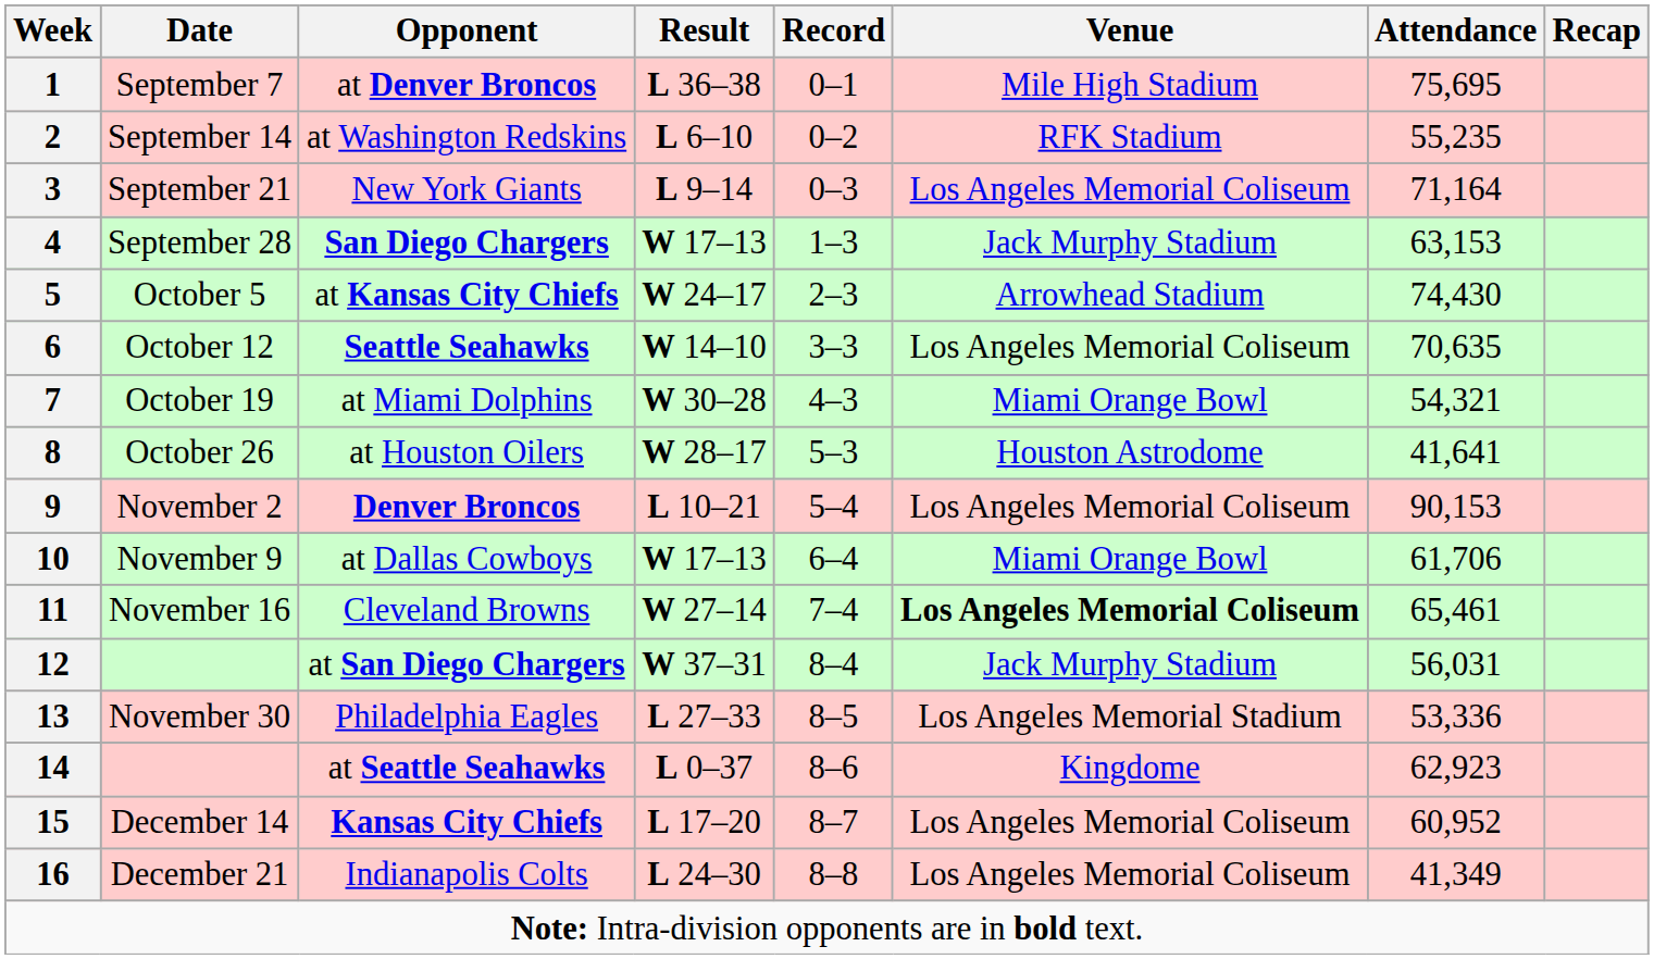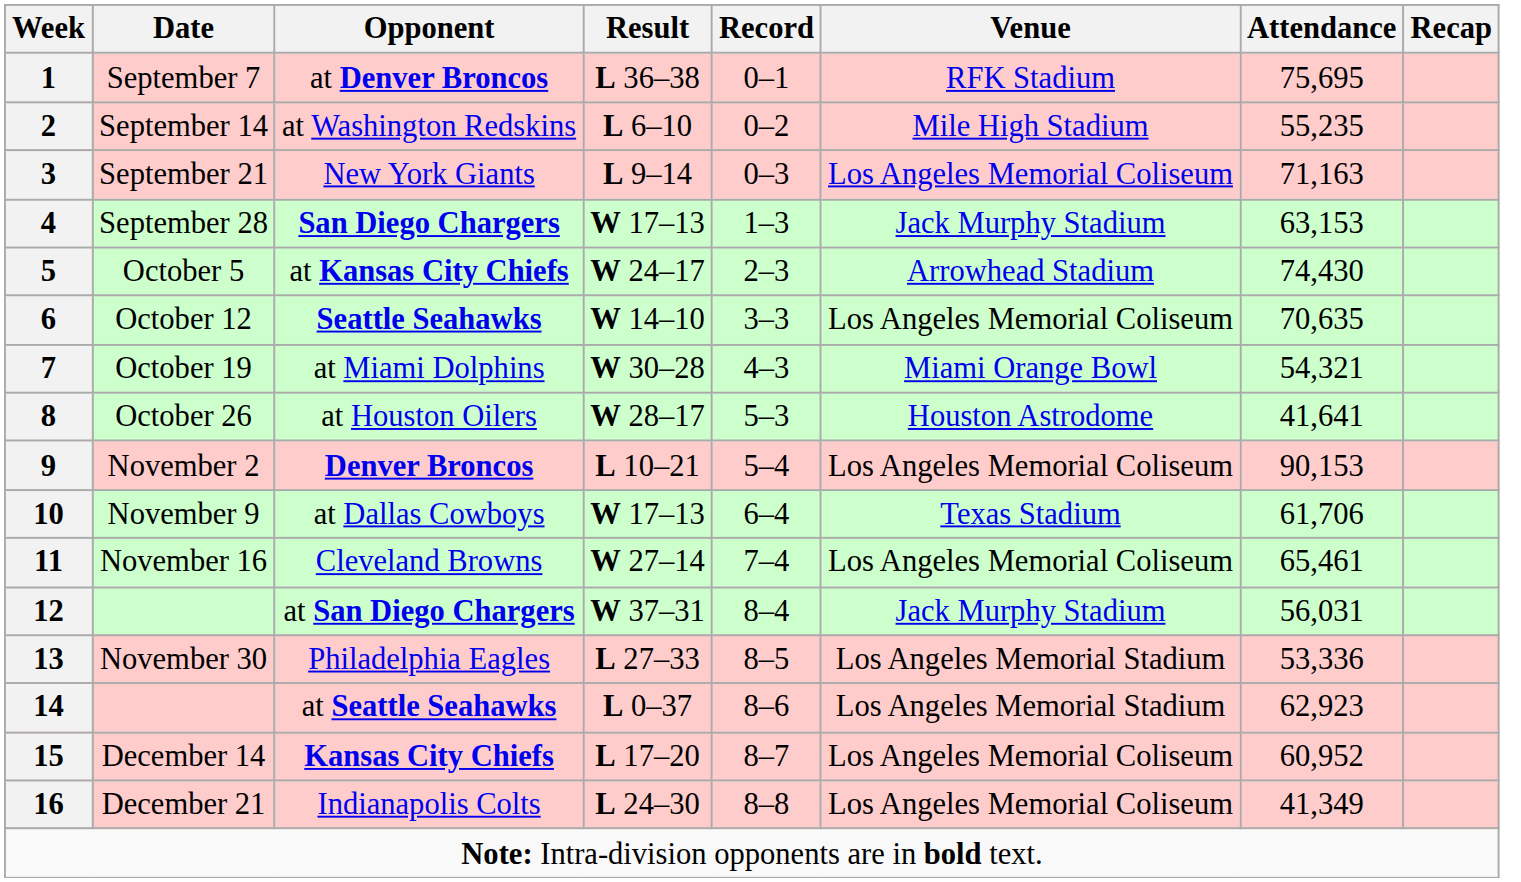 <table class="wikitable" style="text-align:center">
 <tr>
 <th>Week</th>
 <th>Date</th>
 <th>Opponent</th>
 <th>Result</th>
 <th>Record</th>
 <th>Venue</th>
 <th>Attendance</th>
 <th>Recap</th>
 </tr>
 <tr style="background: #fcc;">
 <th>1</th>
 <td>September 7</td>
 <td>at <strong><a href='#'>Denver Broncos</a></strong></td>
 <td><strong>L</strong> 36–38</td>
 <td>0–1</td>
-<td><a href='#'>Mile High Stadium</a></td>
+<td><a href='#'>RFK Stadium</a></td>
 <td>75,695</td>
 <td></td>
 </tr>
 <tr style="background: #fcc;">
 <th>2</th>
 <td>September 14</td>
 <td>at <a href='#'>Washington Redskins</a></td>
 <td><strong>L</strong> 6–10</td>
 <td>0–2</td>
-<td><a href='#'>RFK Stadium</a></td>
+<td><a href='#'>Mile High Stadium</a></td>
 <td>55,235</td>
 <td></td>
 </tr>
 <tr style="background: #fcc;">
 <th>3</th>
 <td>September 21</td>
 <td><a href='#'>New York Giants</a></td>
 <td><strong>L</strong> 9–14</td>
 <td>0–3</td>
 <td><a href='#'>Los Angeles Memorial Coliseum</a></td>
-<td>71,164</td>
+<td>71,163</td>
 <td></td>
 </tr>
 <tr style="background: #cfc;">
 <th>4</th>
 <td>September 28</td>
 <td><strong><a href='#'>San Diego Chargers</a></strong></td>
 <td><strong>W</strong> 17–13</td>
 <td>1–3</td>
 <td><a href='#'>Jack Murphy Stadium</a></td>
 <td>63,153</td>
 <td></td>
 </tr>
 <tr style="background: #cfc;">
 <th>5</th>
 <td>October 5</td>
 <td>at <strong><a href='#'>Kansas City Chiefs</a></strong></td>
 <td><strong>W</strong> 24–17</td>
 <td>2–3</td>
 <td><a href='#'>Arrowhead Stadium</a></td>
 <td>74,430</td>
 <td></td>
 </tr>
 <tr style="background: #cfc;">
 <th>6</th>
 <td>October 12</td>
 <td><strong><a href='#'>Seattle Seahawks</a></strong></td>
 <td><strong>W</strong> 14–10</td>
 <td>3–3</td>
 <td>Los Angeles Memorial Coliseum</td>
 <td>70,635</td>
 <td></td>
 </tr>
 <tr style="background: #cfc;">
 <th>7</th>
 <td>October 19</td>
 <td>at <a href='#'>Miami Dolphins</a></td>
 <td><strong>W</strong> 30–28</td>
 <td>4–3</td>
 <td><a href='#'>Miami Orange Bowl</a></td>
 <td>54,321</td>
 <td></td>
 </tr>
 <tr style="background: #cfc;">
 <th>8</th>
 <td>October 26</td>
 <td>at <a href='#'>Houston Oilers</a></td>
 <td><strong>W</strong> 28–17</td>
 <td>5–3</td>
 <td><a href='#'>Houston Astrodome</a></td>
 <td>41,641</td>
 <td></td>
 </tr>
 <tr style="background: #fcc;">
 <th>9</th>
 <td>November 2</td>
 <td><strong><a href='#'>Denver Broncos</a></strong></td>
 <td><strong>L</strong> 10–21</td>
 <td>5–4</td>
 <td>Los Angeles Memorial Coliseum</td>
 <td>90,153</td>
 <td></td>
 </tr>
 <tr style="background: #cfc;">
 <th>10</th>
 <td>November 9</td>
 <td>at <a href='#'>Dallas Cowboys</a></td>
 <td><strong>W</strong> 17–13</td>
 <td>6–4</td>
-<td><a href='#'>Miami Orange Bowl</a></td>
+<td><a href='#'>Texas Stadium</a></td>
 <td>61,706</td>
 <td></td>
 </tr>
 <tr style="background: #cfc;">
 <th>11</th>
 <td>November 16</td>
 <td><a href='#'>Cleveland Browns</a></td>
 <td><strong>W</strong> 27–14</td>
 <td>7–4</td>
-<td><strong>Los Angeles Memorial Coliseum</strong></td>
+<td>Los Angeles Memorial Coliseum</td>
 <td>65,461</td>
 <td></td>
 </tr>
 <tr style="background: #cfc;">
 <th>12</th>
 <td></td>
 <td>at <strong><a href='#'>San Diego Chargers</a></strong></td>
 <td><strong>W</strong> 37–31</td>
 <td>8–4</td>
 <td><a href='#'>Jack Murphy Stadium</a></td>
 <td>56,031</td>
 <td></td>
 </tr>
 <tr style="background: #fcc;">
 <th>13</th>
 <td>November 30</td>
 <td><a href='#'>Philadelphia Eagles</a></td>
 <td><strong>L</strong> 27–33</td>
 <td>8–5</td>
 <td>Los Angeles Memorial Stadium</td>
 <td>53,336</td>
 <td></td>
 </tr>
 <tr style="background: #fcc;">
 <th>14</th>
 <td></td>
 <td>at <strong><a href='#'>Seattle Seahawks</a></strong></td>
 <td><strong>L</strong> 0–37</td>
 <td>8–6</td>
-<td><a href='#'>Kingdome</a></td>
+<td>Los Angeles Memorial Stadium</td>
 <td>62,923</td>
 <td></td>
 </tr>
 <tr style="background: #fcc;">
 <th>15</th>
 <td>December 14</td>
 <td><strong><a href='#'>Kansas City Chiefs</a></strong></td>
 <td><strong>L</strong> 17–20</td>
 <td>8–7</td>
 <td>Los Angeles Memorial Coliseum</td>
 <td>60,952</td>
 <td></td>
 </tr>
 <tr style="background: #fcc;">
 <th>16</th>
 <td>December 21</td>
 <td><a href='#'>Indianapolis Colts</a></td>
 <td><strong>L</strong> 24–30</td>
 <td>8–8</td>
 <td>Los Angeles Memorial Coliseum</td>
 <td>41,349</td>
 <td></td>
 </tr>
 <tr>
 <td colspan="8"><strong>Note:</strong> Intra-division opponents are in <strong>bold</strong> text.</td>
 </tr>
 </table>
